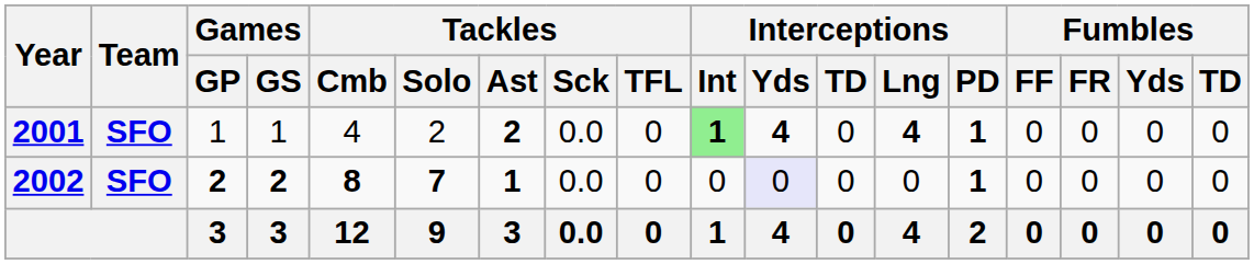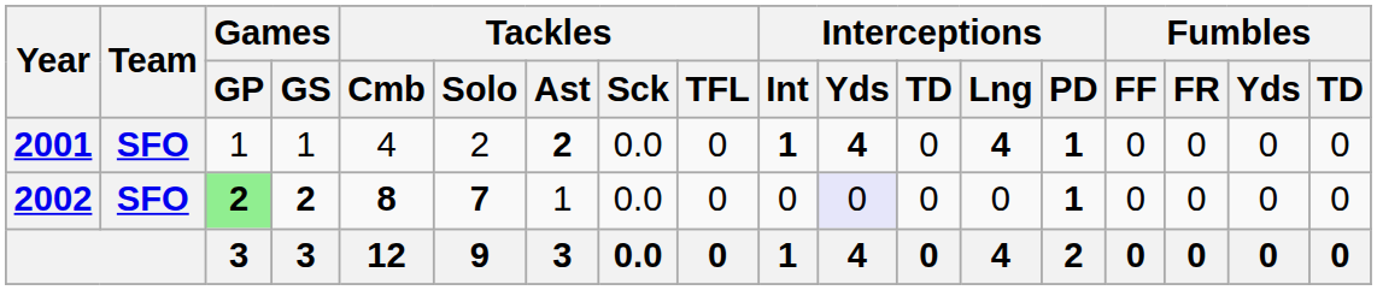 <table class="wikitable" style="text-align:center">
 <tr>
 <th rowspan="2">Year</th>
 <th rowspan="2">Team</th>
 <th colspan="2">Games</th>
 <th colspan="5">Tackles</th>
 <th colspan="5">Interceptions</th>
 <th colspan="4">Fumbles</th>
 </tr>
 <tr>
 <th>GP</th>
 <th>GS</th>
 <th>Cmb</th>
 <th>Solo</th>
 <th>Ast</th>
 <th>Sck</th>
 <th>TFL</th>
 <th>Int</th>
 <th>Yds</th>
 <th>TD</th>
 <th>Lng</th>
 <th>PD</th>
 <th>FF</th>
 <th>FR</th>
 <th>Yds</th>
 <th>TD</th>
 </tr>
 <tr>
 <th><a href='#'>2001</a></th>
 <th><a href='#'>SFO</a></th>
 <td>1</td>
 <td>1</td>
 <td>4</td>
 <td>2</td>
 <td><strong>2</strong></td>
 <td>0.0</td>
 <td>0</td>
-<td style="background: lightgreen;"><strong>1</strong></td>
+<td><strong>1</strong></td>
 <td><strong>4</strong></td>
 <td>0</td>
 <td><strong>4</strong></td>
 <td><strong>1</strong></td>
 <td>0</td>
 <td>0</td>
 <td>0</td>
 <td>0</td>
 </tr>
 <tr>
 <th><a href='#'>2002</a></th>
 <th><a href='#'>SFO</a></th>
-<td><strong>2</strong></td>
+<td style="background: lightgreen;"><strong>2</strong></td>
 <td><strong>2</strong></td>
 <td><strong>8</strong></td>
 <td><strong>7</strong></td>
-<td><strong>1</strong></td>
+<td>1</td>
 <td>0.0</td>
 <td>0</td>
 <td>0</td>
 <td style="background: lavender;">0</td>
 <td>0</td>
 <td>0</td>
 <td><strong>1</strong></td>
 <td>0</td>
 <td>0</td>
 <td>0</td>
 <td>0</td>
 </tr>
 <tr>
 <th colspan="2"></th>
 <th>3</th>
 <th>3</th>
 <th>12</th>
 <th>9</th>
 <th>3</th>
 <th>0.0</th>
 <th>0</th>
 <th>1</th>
 <th>4</th>
 <th>0</th>
 <th>4</th>
 <th>2</th>
 <th>0</th>
 <th>0</th>
 <th>0</th>
 <th>0</th>
 </tr>
 </table>
